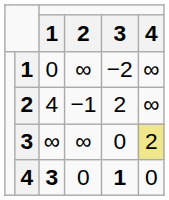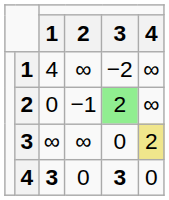 <table class=wikitable style="float:left; margin:10px; text-align:center;">
 <tr>
 <td colspan="2" rowspan="2"></td>
 <td colspan="4"></td>
 </tr>
 <tr>
 <th>1</th>
 <th>2</th>
 <th>3</th>
 <th>4</th>
 </tr>
 <tr>
 <td rowspan="4"></td>
 <th>1</th>
-<td>0</td>
+<td>4</td>
 <td>∞</td>
 <td>−2</td>
 <td>∞</td>
 </tr>
 <tr>
 <th>2</th>
-<td>4</td>
+<td>0</td>
 <td>−1</td>
-<td>2</td>
+<td style="background: lightgreen;">2</td>
 <td>∞</td>
 </tr>
 <tr>
 <th>3</th>
 <td>∞</td>
 <td>∞</td>
 <td>0</td>
 <td style="background: khaki;">2</td>
 </tr>
 <tr>
 <th>4</th>
 <td><strong>3</strong></td>
 <td>0</td>
-<td><strong>1</strong></td>
+<td><strong>3</strong></td>
 <td>0</td>
 </tr>
 </table>
